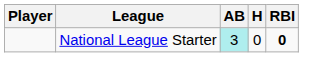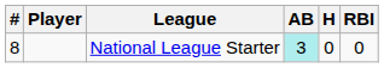 <table class="wikitable">
 <tr>
+<th>#</th>
 <th>Player</th>
 <th>League</th>
 <th>AB</th>
 <th>H</th>
 <th>RBI</th>
 </tr>
 <tr align="center">
+<td>8</td>
 <td></td>
 <td><a href='#'>National League</a> Starter</td>
 <td style="background: paleturquoise;">3</td>
 <td>0</td>
-<td><strong>0</strong></td>
+<td>0</td>
 </tr>
 </table>
